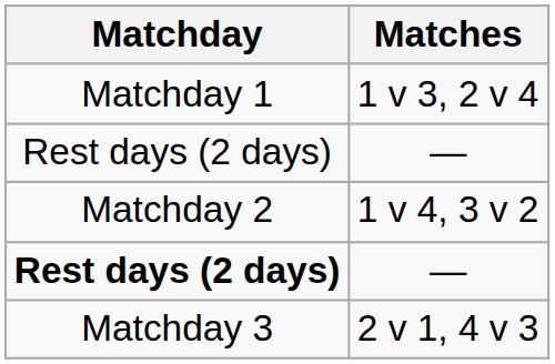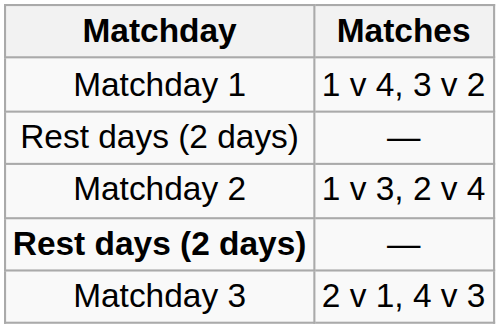 <table class="wikitable" style="text-align:center">
 <tr>
 <th>Matchday</th>
 <th>Matches</th>
 </tr>
 <tr>
 <td>Matchday 1</td>
-<td>1 v 3, 2 v 4</td>
+<td>1 v 4, 3 v 2</td>
 </tr>
 <tr>
 <td>Rest days (2 days)</td>
 <td>—</td>
 </tr>
 <tr>
 <td>Matchday 2</td>
-<td>1 v 4, 3 v 2</td>
+<td>1 v 3, 2 v 4</td>
 </tr>
 <tr>
 <td><strong>Rest days (2 days)</strong></td>
 <td>—</td>
 </tr>
 <tr>
 <td>Matchday 3</td>
 <td>2 v 1, 4 v 3</td>
 </tr>
 </table>
